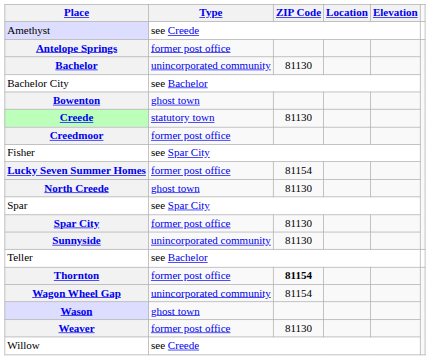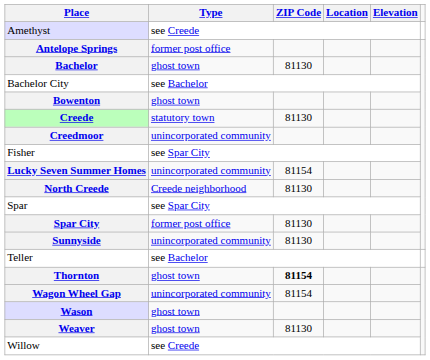 <table class="wikitable sortable  plainrowheaders" style="margin:auto;">
 <tr>
 <th scope=col><a href='#'>Place</a></th>
 <th scope=col><a href='#'>Type</a></th>
 <th scope=col><a href='#'>ZIP Code</a></th>
 <th scope=col><a href='#'>Location</a></th>
 <th scope=col><a href='#'>Elevation</a></th>
 </tr>
 <tr bgcolor=white>
 <td style="background:#DDDDFF;">Amethyst</td>
 <td colspan=4>see <a href='#'>Creede</a></td>
 <td align=center></td>
 </tr>
 <tr>
 <th scope=row><a href='#'>Antelope Springs</a></th>
 <td><a href='#'>former post office</a></td>
 <td align=center></td>
 <td></td>
 <td></td>
 </tr>
 <tr>
 <th scope=row><a href='#'>Bachelor</a></th>
-<td><a href='#'>unincorporated community</a></td>
+<td><a href='#'>ghost town</a></td>
 <td align=center>81130</td>
 <td></td>
 <td></td>
 </tr>
 <tr bgcolor=white>
 <td>Bachelor City</td>
 <td colspan=4>see <a href='#'>Bachelor</a></td>
 </tr>
 <tr>
 <th scope=row><a href='#'>Bowenton</a></th>
 <td><a href='#'>ghost town</a></td>
 <td align=center></td>
 <td></td>
 <td></td>
 </tr>
 <tr>
 <th scope=row style="background:#BBFFBB;"><a href='#'>Creede</a></th>
 <td><a href='#'>statutory town</a></td>
 <td align=center>81130</td>
 <td></td>
 <td align=right></td>
 </tr>
 <tr>
 <th scope=row><a href='#'>Creedmoor</a></th>
-<td><a href='#'>former post office</a></td>
+<td><a href='#'>unincorporated community</a></td>
 <td align=center></td>
 <td></td>
 <td></td>
 </tr>
 <tr bgcolor=white>
 <td>Fisher</td>
 <td colspan=4>see <a href='#'>Spar City</a></td>
 </tr>
 <tr>
 <th scope=row><a href='#'>Lucky Seven Summer Homes</a></th>
-<td><a href='#'>former post office</a></td>
+<td><a href='#'>unincorporated community</a></td>
 <td align=center>81154</td>
 <td></td>
 <td align=right></td>
 </tr>
 <tr>
 <th scope=row><a href='#'>North Creede</a></th>
-<td><a href='#'>ghost town</a></td>
+<td><a href='#'>Creede neighborhood</a></td>
 <td align=center>81130</td>
 <td></td>
 <td align=right></td>
 </tr>
 <tr bgcolor=white>
 <td>Spar</td>
 <td colspan=4>see <a href='#'>Spar City</a></td>
 </tr>
 <tr>
 <th scope=row><a href='#'>Spar City</a></th>
 <td><a href='#'>former post office</a></td>
 <td align=center>81130</td>
 <td></td>
 <td align=right></td>
 </tr>
 <tr>
 <th scope=row><a href='#'>Sunnyside</a></th>
 <td><a href='#'>unincorporated community</a></td>
 <td align=center>81130</td>
 <td></td>
 <td align=right></td>
 </tr>
 <tr bgcolor=white>
 <td>Teller</td>
 <td colspan=4>see <a href='#'>Bachelor</a></td>
 <td align=center></td>
 </tr>
 <tr>
 <th scope=row><a href='#'>Thornton</a></th>
-<td><a href='#'>former post office</a></td>
+<td><a href='#'>ghost town</a></td>
 <td align=center><strong>81154</strong></td>
 <td></td>
 <td></td>
 </tr>
 <tr>
 <th scope=row><a href='#'>Wagon Wheel Gap</a></th>
 <td><a href='#'>unincorporated community</a></td>
 <td align=center>81154</td>
 <td></td>
 <td></td>
 </tr>
 <tr>
 <th scope=row style="background:#DDDDFF;"><a href='#'>Wason</a></th>
 <td><a href='#'>ghost town</a></td>
 <td align=center></td>
 <td></td>
 <td></td>
 </tr>
 <tr>
 <th scope=row><a href='#'>Weaver</a></th>
-<td><a href='#'>former post office</a></td>
+<td><a href='#'>ghost town</a></td>
 <td align=center>81130</td>
 <td></td>
 <td align=right></td>
 </tr>
 <tr bgcolor=white>
 <td>Willow</td>
 <td colspan=4>see <a href='#'>Creede</a></td>
 </tr>
 </table>
